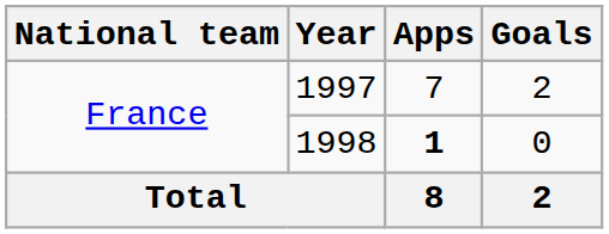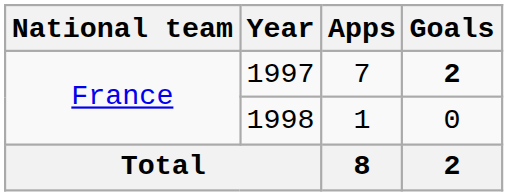 <table class="wikitable" style="text-align:center">
 <tr>
 <th>National team</th>
 <th>Year</th>
 <th>Apps</th>
 <th>Goals</th>
 </tr>
 <tr>
 <td rowspan="2"><a href='#'>France</a></td>
 <td>1997</td>
 <td>7</td>
-<td>2</td>
+<td><strong>2</strong></td>
 </tr>
 <tr>
 <td>1998</td>
-<td><strong>1</strong></td>
+<td>1</td>
 <td>0</td>
 </tr>
 <tr>
 <th colspan="2">Total</th>
 <th>8</th>
 <th>2</th>
 </tr>
 </table>
